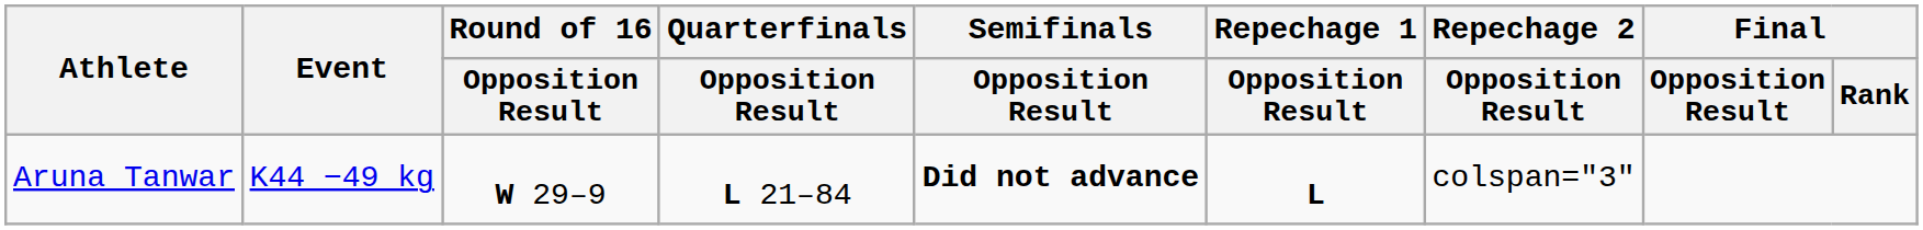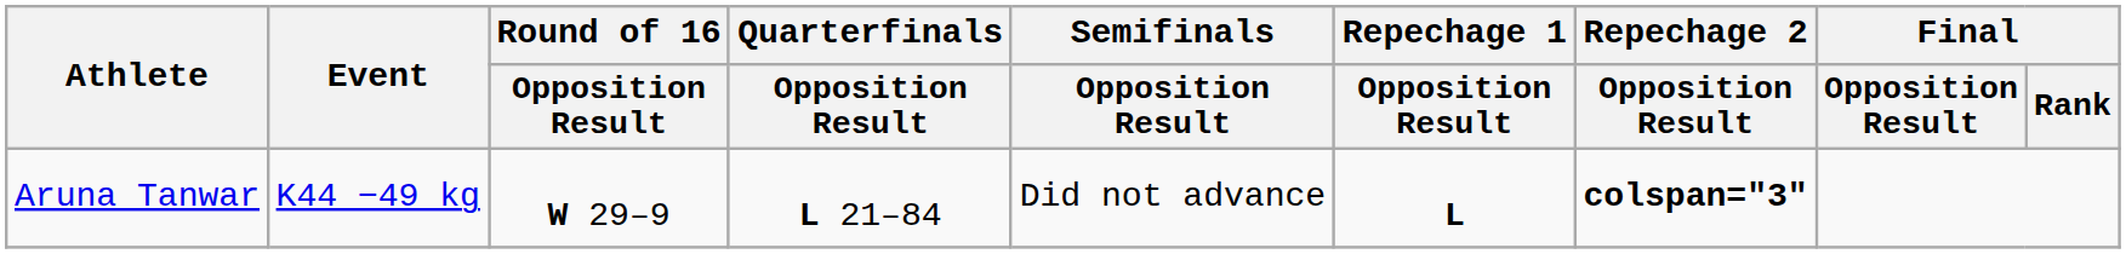 <table class=wikitable style="font-size:90%; text-align:center">
 <tr>
 <th rowspan=2>Athlete</th>
 <th rowspan=2>Event</th>
 <th>Round of 16</th>
 <th>Quarterfinals</th>
 <th>Semifinals</th>
 <th>Repechage 1</th>
 <th>Repechage 2</th>
 <th colspan=2>Final</th>
 </tr>
 <tr style="font-size:95%">
 <th>Opposition<br>Result</th>
 <th>Opposition<br>Result</th>
 <th>Opposition<br>Result</th>
 <th>Opposition<br>Result</th>
 <th>Opposition<br>Result</th>
 <th>Opposition<br>Result</th>
 <th>Rank</th>
 </tr>
 <tr>
 <td align=left><a href='#'>Aruna Tanwar</a></td>
 <td align=left><a href='#'>K44 −49 kg</a></td>
 <td><br><strong>W</strong> 29–9</td>
 <td><br><strong>L</strong> 21–84</td>
-<td><strong>Did not advance</strong></td>
+<td>Did not advance</td>
 <td><br><strong>L</strong> </td>
-<td>colspan="3" </td>
+<td><strong>colspan="3" </strong></td>
 </tr>
 </table>
